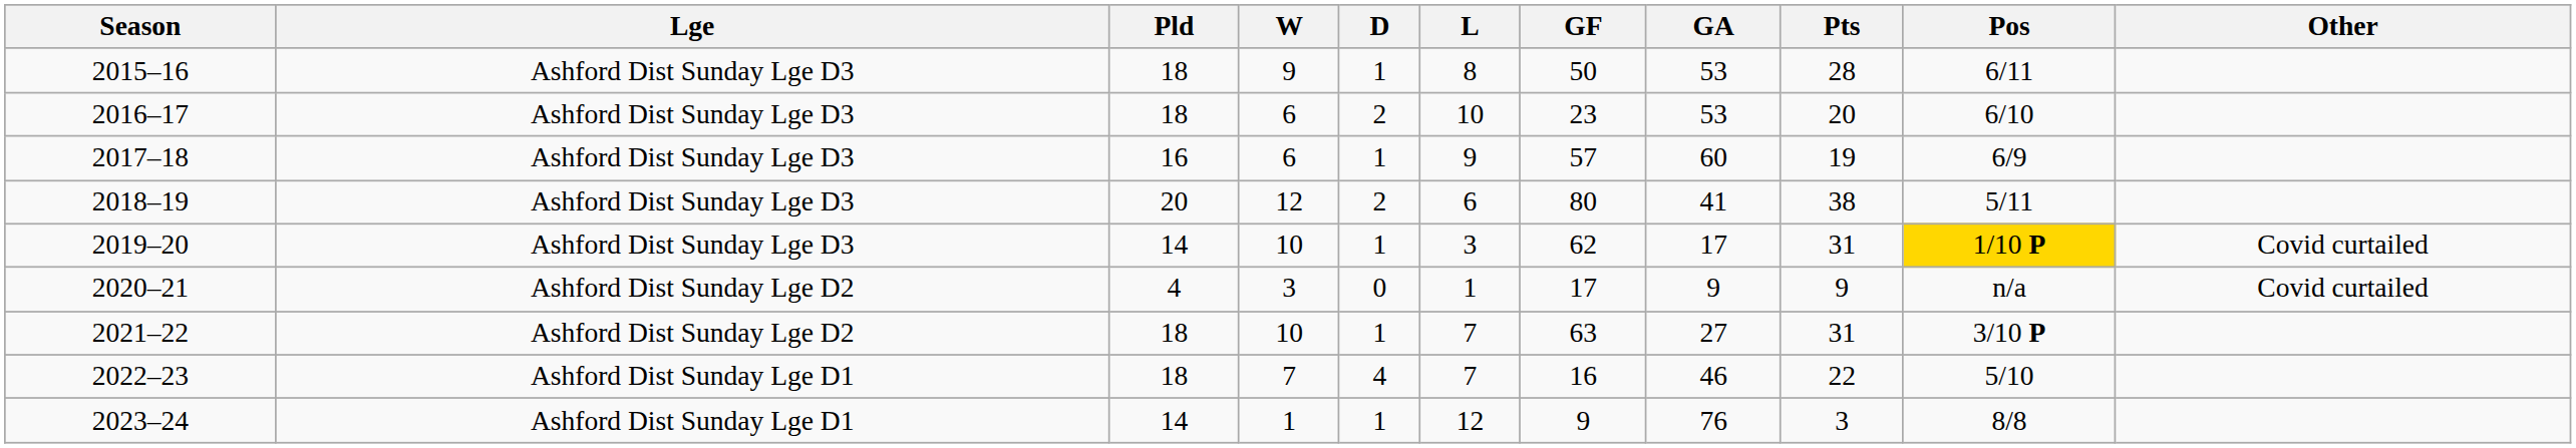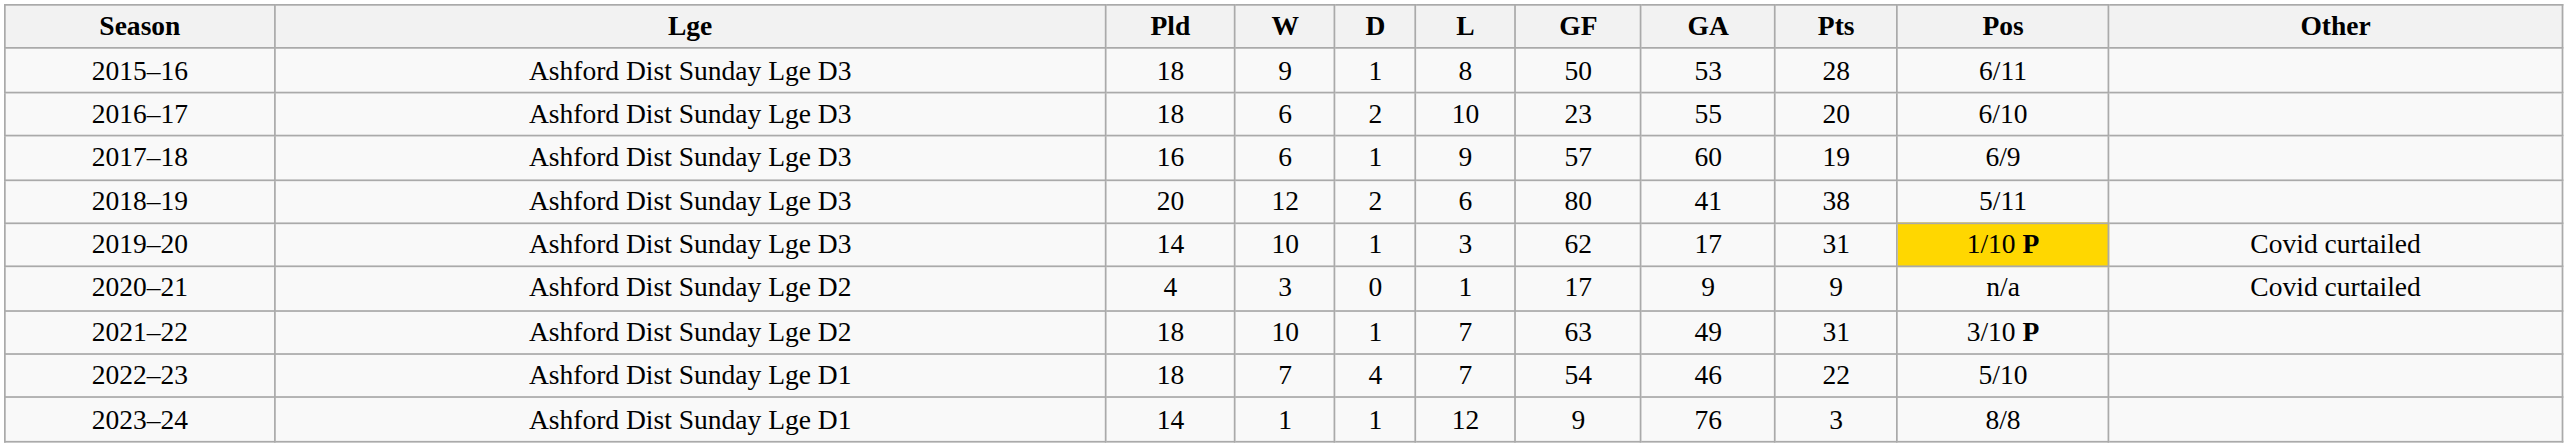 <table class="wikitable" style="width:75%; align:center; text-align:center">
 <tr>
 <th>Season</th>
 <th>Lge</th>
 <th>Pld</th>
 <th>W</th>
 <th>D</th>
 <th>L</th>
 <th>GF</th>
 <th>GA</th>
 <th>Pts</th>
 <th>Pos</th>
 <th>Other</th>
 </tr>
 <tr>
 <td>2015–16</td>
 <td>Ashford Dist Sunday Lge D3</td>
 <td>18</td>
 <td>9</td>
 <td>1</td>
 <td>8</td>
 <td>50</td>
 <td>53</td>
 <td>28</td>
 <td>6/11</td>
 <td></td>
 </tr>
 <tr>
 <td>2016–17</td>
 <td>Ashford Dist Sunday Lge D3</td>
 <td>18</td>
 <td>6</td>
 <td>2</td>
 <td>10</td>
 <td>23</td>
-<td>53</td>
+<td>55</td>
 <td>20</td>
 <td>6/10</td>
 <td></td>
 </tr>
 <tr>
 <td>2017–18</td>
 <td>Ashford Dist Sunday Lge D3</td>
 <td>16</td>
 <td>6</td>
 <td>1</td>
 <td>9</td>
 <td>57</td>
 <td>60</td>
 <td>19</td>
 <td>6/9</td>
 <td></td>
 </tr>
 <tr>
 <td>2018–19</td>
 <td>Ashford Dist Sunday Lge D3</td>
 <td>20</td>
 <td>12</td>
 <td>2</td>
 <td>6</td>
 <td>80</td>
 <td>41</td>
 <td>38</td>
 <td>5/11</td>
 <td></td>
 </tr>
 <tr>
 <td>2019–20</td>
 <td>Ashford Dist Sunday Lge D3</td>
 <td>14</td>
 <td>10</td>
 <td>1</td>
 <td>3</td>
 <td>62</td>
 <td>17</td>
 <td>31</td>
 <td bgcolor=gold>1/10 <strong>P</strong></td>
 <td>Covid curtailed</td>
 </tr>
 <tr>
 <td>2020–21</td>
 <td>Ashford Dist Sunday Lge D2</td>
 <td>4</td>
 <td>3</td>
 <td>0</td>
 <td>1</td>
 <td>17</td>
 <td>9</td>
 <td>9</td>
 <td>n/a</td>
 <td>Covid curtailed</td>
 </tr>
 <tr>
 <td>2021–22</td>
 <td>Ashford Dist Sunday Lge D2</td>
 <td>18</td>
 <td>10</td>
 <td>1</td>
 <td>7</td>
 <td>63</td>
-<td>27</td>
+<td>49</td>
 <td>31</td>
 <td>3/10 <strong>P</strong></td>
 <td></td>
 </tr>
 <tr>
 <td>2022–23</td>
 <td>Ashford Dist Sunday Lge D1</td>
 <td>18</td>
 <td>7</td>
 <td>4</td>
 <td>7</td>
-<td>16</td>
+<td>54</td>
 <td>46</td>
 <td>22</td>
 <td>5/10</td>
 <td></td>
 </tr>
 <tr>
 <td>2023–24</td>
 <td>Ashford Dist Sunday Lge D1</td>
 <td>14</td>
 <td>1</td>
 <td>1</td>
 <td>12</td>
 <td>9</td>
 <td>76</td>
 <td>3</td>
 <td>8/8</td>
 <td></td>
 </tr>
 </table>
